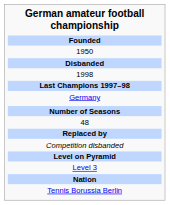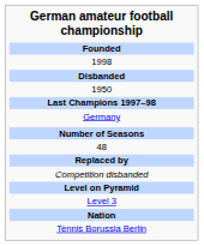 <table class="infobox football" style="width: 16em; text-align: center;">
 <tr>
 <th style="font-size: 16px;">German amateur football championship</th>
 </tr>
 <tr>
 <td style="font-size: 11px; line-height: 15px;"></td>
 </tr>
 <tr>
 <td style="font-size: 12px; background: #BFD7FF;"><strong>Founded</strong></td>
 </tr>
 <tr>
-<td style="font-size: 12px;">1950</td>
+<td style="font-size: 12px;">1998</td>
 </tr>
 <tr>
 <td style="font-size: 12px; background: #BFD7FF;"><strong>Disbanded</strong></td>
 </tr>
 <tr>
-<td style="font-size: 12px;">1998</td>
+<td style="font-size: 12px;">1950</td>
 </tr>
 <tr>
 <td style="font-size: 12px; background: #BFD7FF;"><strong>Last Champions 1997–98</strong></td>
 </tr>
 <tr>
 <td style="font-size: 12px;"> <a href='#'>Germany</a></td>
 </tr>
 <tr>
 <td style="font-size: 11px; line-height: 15px;"></td>
 </tr>
 <tr>
 <td style="font-size: 12px; background: #BFD7FF;"><strong>Number of Seasons</strong></td>
 </tr>
 <tr>
 <td style="font-size: 12px;">48</td>
 </tr>
 <tr>
 <td style="font-size: 12px; background: #BFD7FF;"><strong>Replaced by</strong></td>
 </tr>
 <tr>
 <td style="font-size: 12px;"><em>Competition disbanded</em></td>
 </tr>
 <tr>
 <td style="font-size: 12px; background: #BFD7FF;"><strong>Level on Pyramid</strong></td>
 </tr>
 <tr>
 <td style="font-size: 12px;"><a href='#'>Level 3</a></td>
 </tr>
 <tr>
 <td style="font-size: 12px; background: #BFD7FF;"><strong>Nation</strong></td>
 </tr>
 <tr>
 <td style="font-size: 12px;"><a href='#'>Tennis Borussia Berlin</a></td>
 </tr>
 <tr>
 </tr>
 </table>
